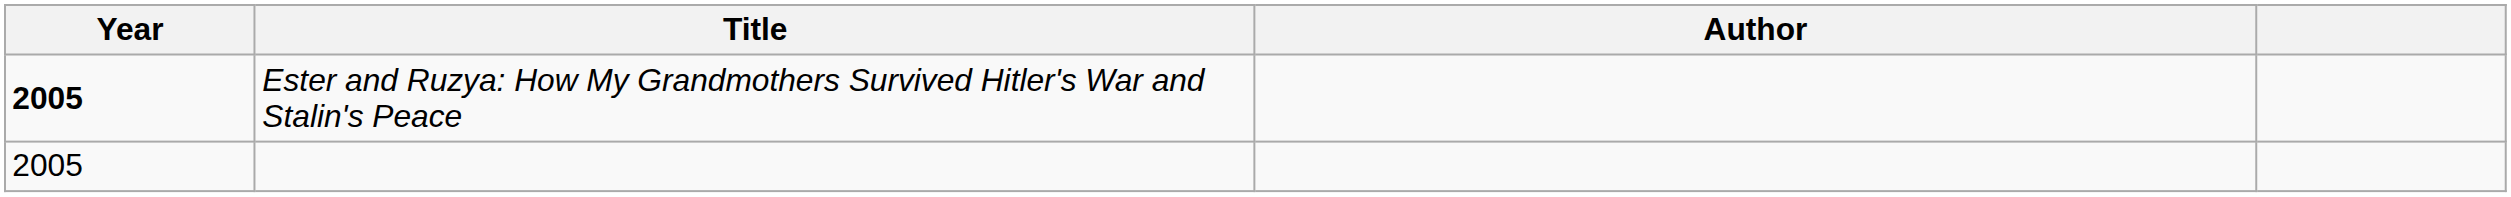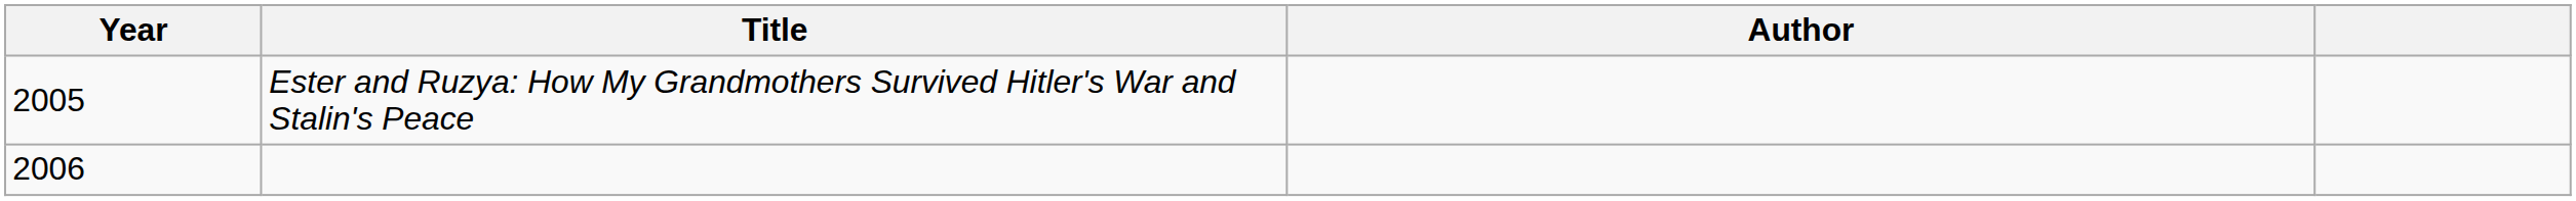 <table class="wikitable sortable" style="width:100%">
 <tr>
 <th scope="col" style="width:10%">Year</th>
 <th scope="col" style="width:40%">Title</th>
 <th scope="col" style="width:40%">Author</th>
 <th scope="col" style="width:10%"></th>
 </tr>
 <tr>
-<td><strong>2005</strong></td>
+<td>2005</td>
 <td><em>Ester and Ruzya: How My Grandmothers Survived Hitler's War and Stalin's Peace</em></td>
 <td></td>
 <td></td>
 </tr>
 <tr>
-<td>2005</td>
+<td>2006</td>
 <td></td>
 <td></td>
 <td></td>
 </tr>
 </table>
